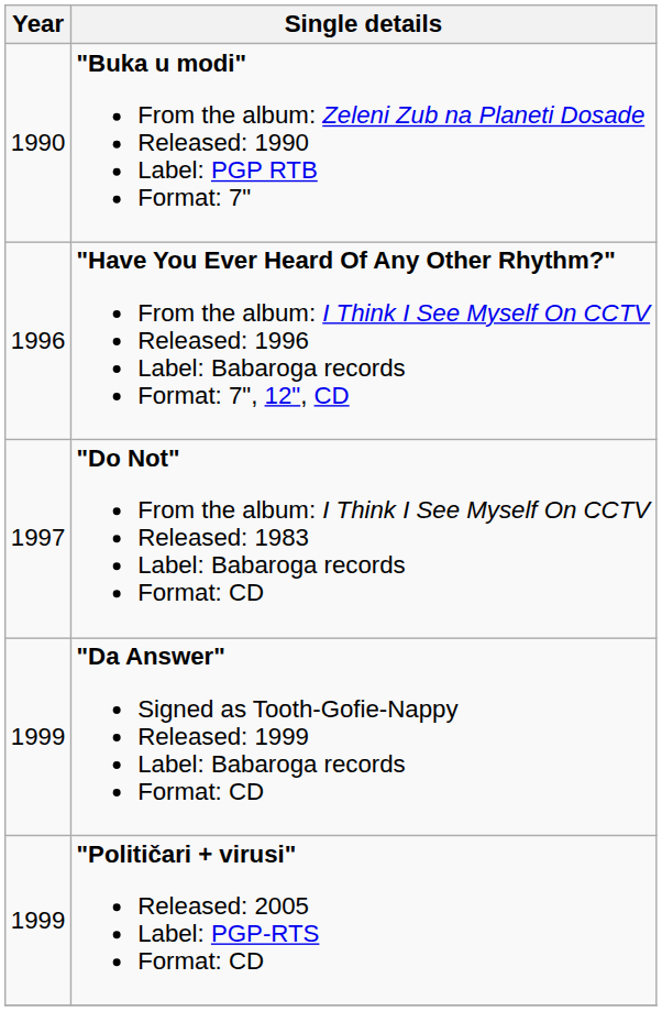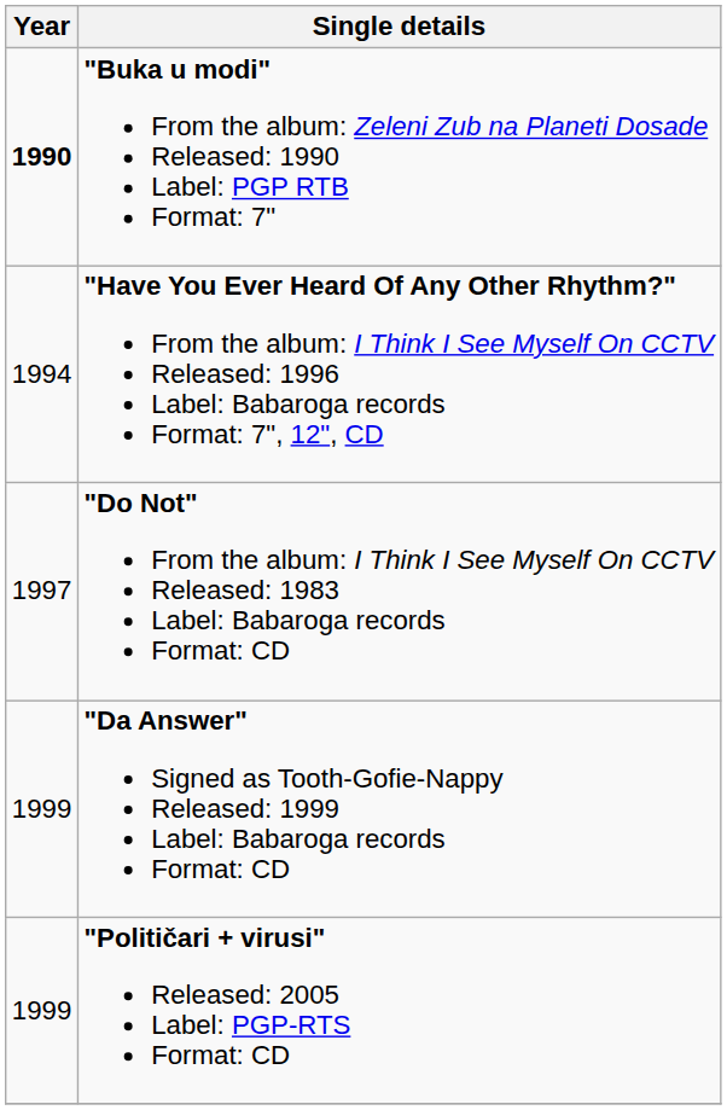 <table class ="wikitable">
 <tr>
 <th>Year</th>
 <th>Single details</th>
 </tr>
 <tr>
-<td align="center" rowspan="1">1990</td>
+<td align="center" rowspan="1"><strong>1990</strong></td>
 <td><strong>"Buka u modi"</strong><br><ul><li>From the album: <em><a href='#'>Zeleni Zub na Planeti Dosade</a></em></li><li>Released: 1990</li><li>Label: <a href='#'>PGP RTB</a></li><li>Format: 7"</li></ul></td>
 </tr>
 <tr>
-<td align="center" rowspan="1">1996</td>
+<td align="center" rowspan="1">1994</td>
 <td><strong>"Have You Ever Heard Of Any Other Rhythm?"</strong><br><ul><li>From the album: <em><a href='#'>I Think I See Myself On CCTV</a></em></li><li>Released: 1996</li><li>Label: Babaroga records</li><li>Format: 7", <a href='#'>12"</a>, <a href='#'>CD</a></li></ul></td>
 </tr>
 <tr>
 <td align="center" rowspan="1">1997</td>
 <td><strong>"Do Not"</strong><br><ul><li>From the album: <em>I Think I See Myself On CCTV</em></li><li>Released: 1983</li><li>Label: Babaroga records</li><li>Format: CD</li></ul></td>
 </tr>
 <tr>
 <td align="center" rowspan="1">1999</td>
 <td><strong>"Da Answer"</strong><br><ul><li>Signed as Tooth-Gofie-Nappy</li><li>Released: 1999</li><li>Label: Babaroga records</li><li>Format: CD</li></ul></td>
 </tr>
 <tr>
 <td align="center" rowspan="1">1999</td>
 <td><strong>"Političari + virusi"</strong><br><ul><li>Released: 2005</li><li>Label: <a href='#'>PGP-RTS</a></li><li>Format: CD</li></ul></td>
 </tr>
 <tr>
 </tr>
 </table>
